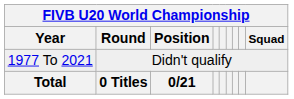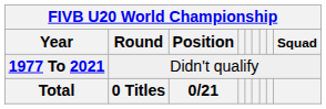 <table class="wikitable" style="text-align: center;">
 <tr>
 <th colspan=9><a href='#'>FIVB U20 World Championship</a></th>
 </tr>
 <tr>
 <th>Year</th>
 <th>Round</th>
 <th>Position</th>
 <th></th>
 <th></th>
 <th></th>
 <th></th>
 <th></th>
 <th><small>Squad</small></th>
 </tr>
 <tr bgcolor="efefef">
-<td> <a href='#'>1977</a> To    <a href='#'>2021</a></td>
+<td><strong> <a href='#'>1977</a> To    <a href='#'>2021</a></strong></td>
 <td colspan=9 rowspan=1>Didn't qualify</td>
 </tr>
 <tr>
 <th>Total</th>
 <th>0 Titles</th>
 <th>0/21</th>
 <th></th>
 <th></th>
 <th></th>
 <th></th>
 <th></th>
 <th></th>
 </tr>
 </table>
